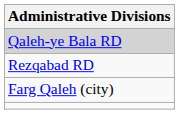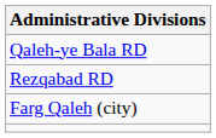 <table class="wikitable">
 <tr>
 <th>Administrative Divisions</th>
 </tr>
 <tr>
-<td style="background: lightgrey;"><a href='#'>Qaleh-ye Bala RD</a></td>
+<td><a href='#'>Qaleh-ye Bala RD</a></td>
 </tr>
 <tr>
 <td><a href='#'>Rezqabad RD</a></td>
 </tr>
 <tr>
 <td><a href='#'>Farg Qaleh</a> (city)</td>
 </tr>
 <tr>
 <td colspan=1></td>
 </tr>
 </table>
